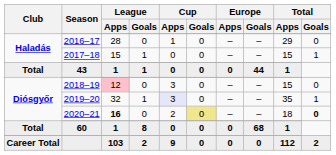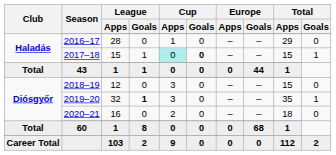 <table class="wikitable" style="font-size:90%; text-align: center;">
 <tr>
 <th rowspan="2">Club</th>
 <th rowspan="2">Season</th>
 <th colspan="2">League</th>
 <th colspan="2">Cup</th>
 <th colspan="2">Europe</th>
 <th colspan="2">Total</th>
 </tr>
 <tr>
 <th>Apps</th>
 <th>Goals</th>
 <th>Apps</th>
 <th>Goals</th>
 <th>Apps</th>
 <th>Goals</th>
 <th>Apps</th>
 <th>Goals</th>
 </tr>
 <tr ||-||-||-|->
 <td rowspan="4" valign="center"><strong><a href='#'>Haladás</a></strong></td>
 </tr>
 <tr>
 <td><a href='#'>2016–17</a></td>
 <td>28</td>
 <td>0</td>
 <td>1</td>
 <td>0</td>
 <td>–</td>
 <td>–</td>
 <td>29</td>
 <td>0</td>
 </tr>
 <tr>
 <td><a href='#'>2017–18</a></td>
 <td>15</td>
 <td>1</td>
-<td>0</td>
-<td>0</td>
+<td style="background: paleturquoise;">0</td>
+<td><strong>0</strong></td>
 <td>–</td>
 <td>–</td>
 <td>15</td>
 <td>1</td>
 </tr>
 <tr>
 </tr>
 <tr style="font-weight:bold; background-color:#eeeeee;">
 <td>Total</td>
 <td>43</td>
 <td>1</td>
 <td>1</td>
 <td>0</td>
 <td>0</td>
 <td>0</td>
 <td>44</td>
 <td>1</td>
 </tr>
 <tr>
 <td rowspan="5" valign="center"><strong><a href='#'>Diósgyőr</a></strong></td>
 </tr>
 <tr>
 <td><a href='#'>2018–19</a></td>
-<td style="background: pink;">12</td>
+<td>12</td>
 <td>0</td>
 <td>3</td>
 <td>0</td>
 <td>–</td>
 <td>–</td>
 <td>15</td>
 <td>0</td>
 </tr>
 <tr>
 <td><a href='#'>2019–20</a></td>
 <td>32</td>
-<td>1</td>
-<td style="background: lavender;">3</td>
+<td><strong>1</strong></td>
+<td>3</td>
 <td>0</td>
 <td>–</td>
 <td>–</td>
 <td>35</td>
 <td>1</td>
 </tr>
 <tr>
 <td><a href='#'>2020–21</a></td>
-<td><strong>16</strong></td>
+<td>16</td>
 <td>0</td>
 <td>2</td>
-<td style="background: khaki;">0</td>
+<td>0</td>
 <td>–</td>
 <td>–</td>
 <td>18</td>
-<td><strong>0</strong></td>
+<td>0</td>
 </tr>
 <tr>
 </tr>
 <tr style="font-weight:bold; background-color:#eeeeee;">
 <td>Total</td>
 <td>60</td>
 <td>1</td>
 <td>8</td>
 <td>0</td>
 <td>0</td>
 <td>0</td>
 <td>68</td>
 <td>1</td>
 </tr>
 <tr>
 </tr>
 <tr style="font-weight:bold; background-color:#eeeeee;">
 <td rowspan="2" valign="top"><strong>Career Total</strong></td>
 <td></td>
 <td><strong>103</strong></td>
 <td><strong>2</strong></td>
 <td><strong>9</strong></td>
 <td><strong>0</strong></td>
 <td><strong>0</strong></td>
 <td><strong>0</strong></td>
 <td><strong>112</strong></td>
 <td><strong>2</strong></td>
 </tr>
 </table>
